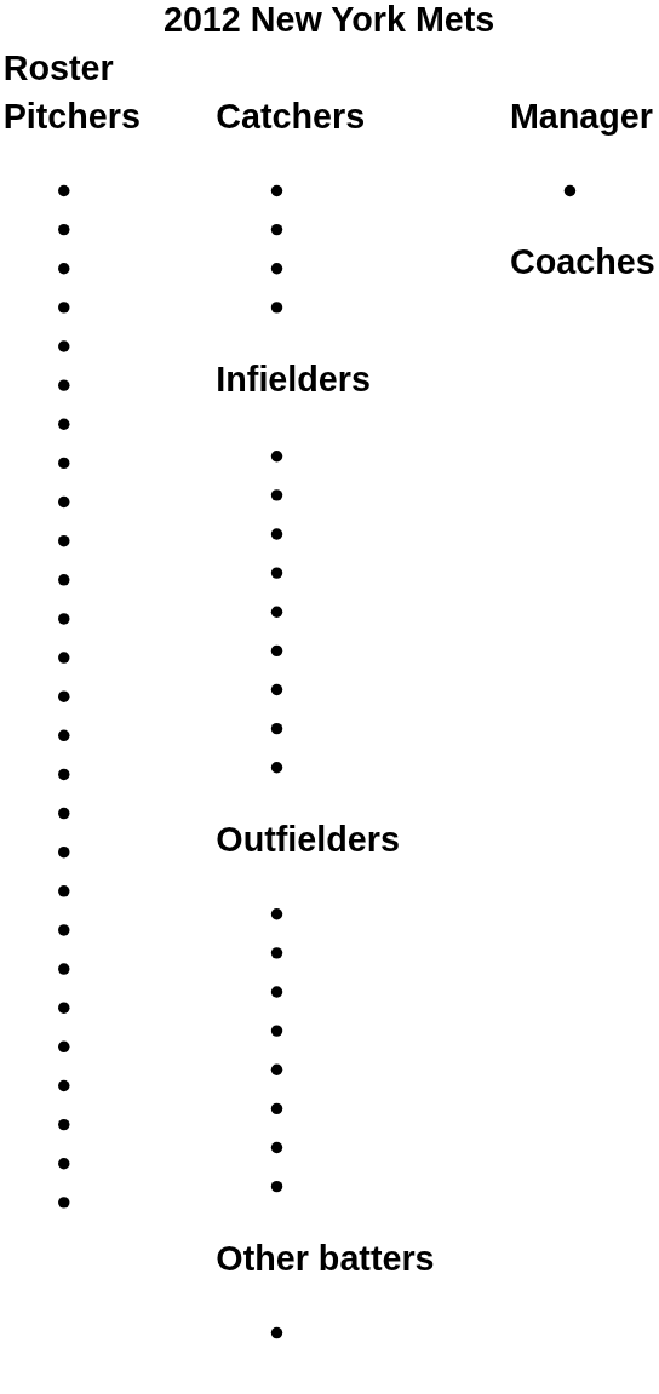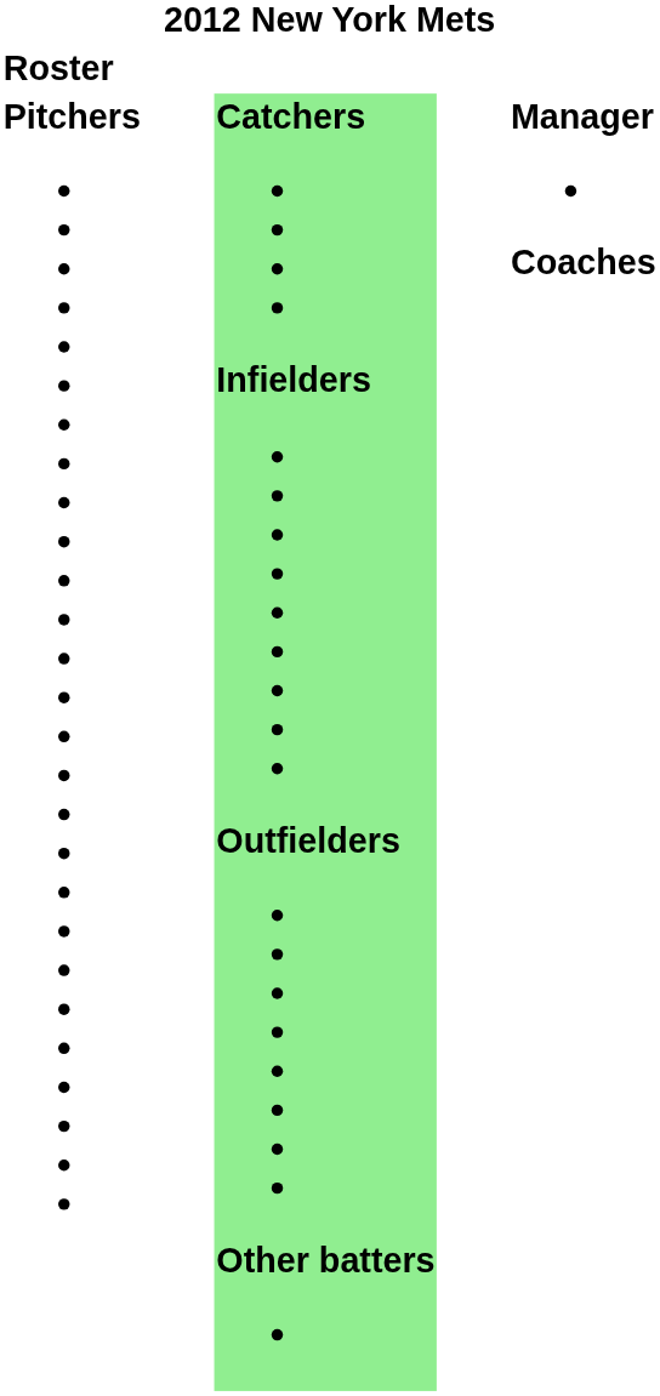 <table class="toccolours" style="font-size: 95%;">
 <tr>
 <th colspan="10">2012 New York Mets</th>
 </tr>
 <tr>
 <td colspan="10"><strong>Roster</strong></td>
 </tr>
 <tr>
 <td valign="top"><strong>Pitchers</strong><br><ul><li></li><li></li><li></li><li></li><li></li><li></li><li></li><li></li><li></li><li></li><li></li><li></li><li></li><li></li><li></li><li></li><li></li><li></li><li></li><li></li><li></li><li></li><li></li><li></li><li></li><li></li><li></li></ul></td>
 <td width="25px"></td>
-<td valign="top"><strong>Catchers</strong><br><ul><li></li><li></li><li></li><li></li></ul><strong>Infielders</strong><ul><li></li><li></li><li></li><li></li><li></li><li></li><li></li><li></li><li></li></ul><strong>Outfielders</strong><ul><li></li><li></li><li></li><li></li><li></li><li></li><li></li><li></li></ul><strong>Other batters</strong><ul><li></li></ul></td>
+<td valign="top" style="background: lightgreen;"><strong>Catchers</strong><br><ul><li></li><li></li><li></li><li></li></ul><strong>Infielders</strong><ul><li></li><li></li><li></li><li></li><li></li><li></li><li></li><li></li><li></li></ul><strong>Outfielders</strong><ul><li></li><li></li><li></li><li></li><li></li><li></li><li></li><li></li></ul><strong>Other batters</strong><ul><li></li></ul></td>
 <td width="25px"></td>
 <td valign="top"><strong>Manager</strong><br><ul><li></li></ul><strong>Coaches</strong>                </td>
 </tr>
 </table>
